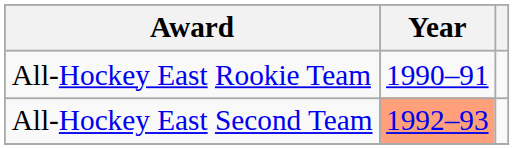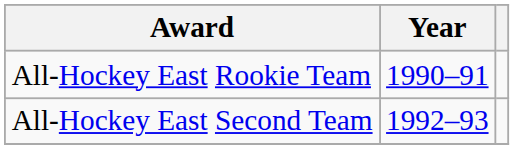 <table class="wikitable">
 <tr>
 <th>Award</th>
 <th>Year</th>
 <th></th>
 </tr>
 <tr>
 <td>All-<a href='#'>Hockey East</a> <a href='#'>Rookie Team</a></td>
 <td><a href='#'>1990–91</a></td>
 <td></td>
 </tr>
 <tr>
 <td>All-<a href='#'>Hockey East</a> <a href='#'>Second Team</a></td>
-<td style="background: lightsalmon;"><a href='#'>1992–93</a></td>
+<td><a href='#'>1992–93</a></td>
 <td></td>
 </tr>
 <tr>
 </tr>
 </table>
